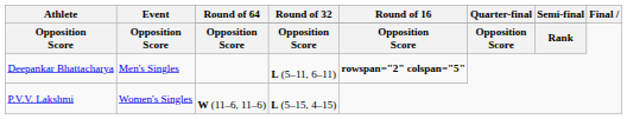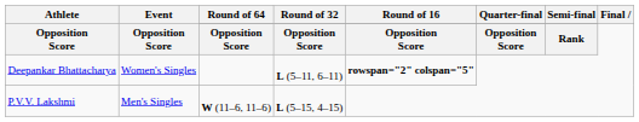 <table class="wikitable" style="font-size:90%">
 <tr>
 <th rowspan="2">Athlete</th>
 <th rowspan="2">Event</th>
 <th>Round of 64</th>
 <th>Round of 32</th>
 <th>Round of 16</th>
 <th>Quarter-final</th>
 <th>Semi-final</th>
 <th colspan="2">Final / </th>
 </tr>
 <tr style="font-size:95%">
 </tr>
 <tr>
 <th>Opposition<br>Score</th>
 <th>Opposition<br>Score</th>
 <th>Opposition<br>Score</th>
 <th>Opposition<br>Score</th>
 <th>Opposition<br>Score</th>
 <th>Opposition<br>Score</th>
 <th>Rank</th>
 </tr>
 <tr align="center">
 <td align="left"><a href='#'>Deepankar Bhattacharya</a></td>
-<td align="left"><a href='#'>Men's Singles</a></td>
+<td align="left"><a href='#'>Women's Singles</a></td>
 <td></td>
 <td><br> <strong>L</strong> (5–11, 6–11)</td>
 <td><strong>rowspan="2" colspan="5" </strong></td>
 </tr>
 <tr align="center">
 <td align="left"><a href='#'>P.V.V. Lakshmi</a></td>
-<td align="left"><a href='#'>Women's Singles</a></td>
+<td align="left"><a href='#'>Men's Singles</a></td>
 <td> <br> <strong>W</strong> (11–6, 11–6)</td>
 <td><br> <strong>L</strong> (5–15, 4–15)</td>
 </tr>
 </table>
